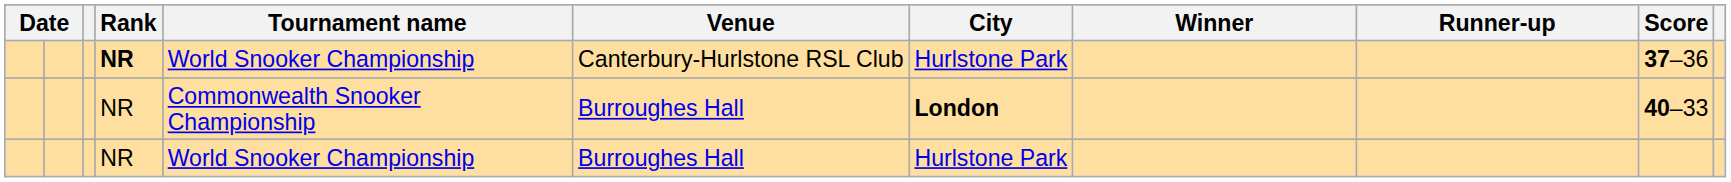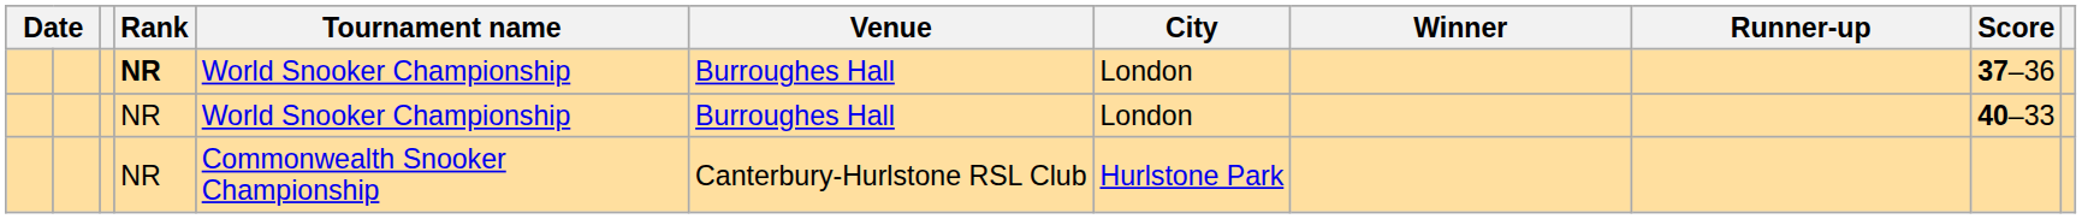 <table class="wikitable" style="font-size: 85%">
 <tr>
 <th colspan="2" width=40 align="center">Date</th>
 <th></th>
 <th>Rank</th>
 <th width=235>Tournament name</th>
 <th>Venue</th>
 <th>City</th>
 <th width=160>Winner</th>
 <th width=160>Runner-up</th>
 <th>Score</th>
 <th></th>
 </tr>
 <tr bgcolor="#ffdf9f">
 <td></td>
 <td></td>
 <td></td>
 <td><strong>NR</strong></td>
 <td><a href='#'>World Snooker Championship</a></td>
-<td>Canterbury-Hurlstone RSL Club</td>
-<td><a href='#'>Hurlstone Park</a></td>
+<td><a href='#'>Burroughes Hall</a></td>
+<td>London</td>
 <td></td>
 <td></td>
 <td><strong>37</strong>–36</td>
 <td></td>
 </tr>
 <tr bgcolor="#ffdf9f">
 <td></td>
 <td></td>
 <td></td>
 <td>NR</td>
-<td><a href='#'>Commonwealth Snooker Championship</a></td>
+<td><a href='#'>World Snooker Championship</a></td>
 <td><a href='#'>Burroughes Hall</a></td>
-<td><strong>London</strong></td>
+<td>London</td>
 <td></td>
 <td></td>
 <td><strong>40</strong>–33</td>
 <td></td>
 </tr>
 <tr bgcolor="#ffdf9f">
 <td></td>
 <td></td>
 <td></td>
 <td>NR</td>
-<td><a href='#'>World Snooker Championship</a></td>
-<td><a href='#'>Burroughes Hall</a></td>
+<td><a href='#'>Commonwealth Snooker Championship</a></td>
+<td>Canterbury-Hurlstone RSL Club</td>
 <td><a href='#'>Hurlstone Park</a></td>
 <td></td>
 <td></td>
 <td></td>
 <td></td>
 </tr>
 </table>
